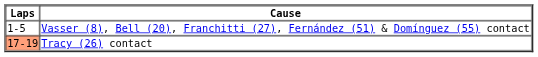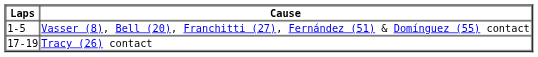 <table border=2 cellspacing=0>
 <tr>
 <th>Laps</th>
 <th>Cause</th>
 </tr>
 <tr>
 <td>1-5</td>
 <td><a href='#'>Vasser (8)</a>, <a href='#'>Bell (20)</a>, <a href='#'>Franchitti (27)</a>, <a href='#'>Fernández (51)</a> & <a href='#'>Domínguez (55)</a> contact</td>
 </tr>
 <tr>
-<td style="background: lightsalmon;">17-19</td>
+<td>17-19</td>
 <td><a href='#'>Tracy (26)</a> contact</td>
 </tr>
 </table>
